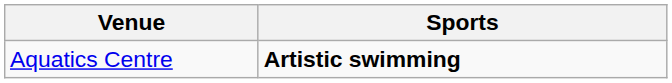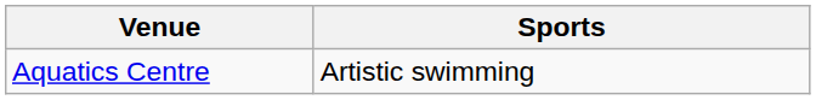 <table class="wikitable sortable">
 <tr>
 <th width="170">Venue</th>
 <th width="278">Sports</th>
 </tr>
 <tr>
 <td><a href='#'>Aquatics Centre</a></td>
-<td><strong>Artistic swimming</strong></td>
+<td>Artistic swimming</td>
 </tr>
 </table>
